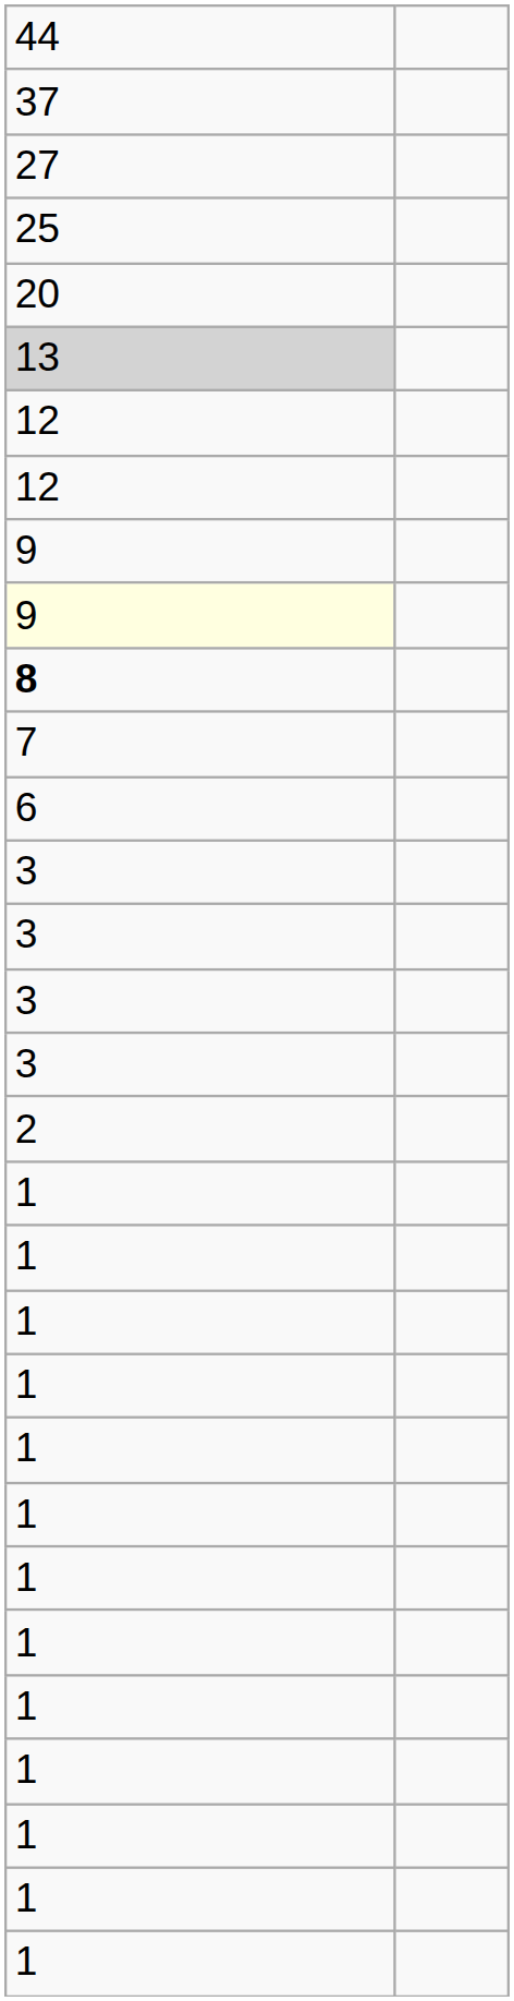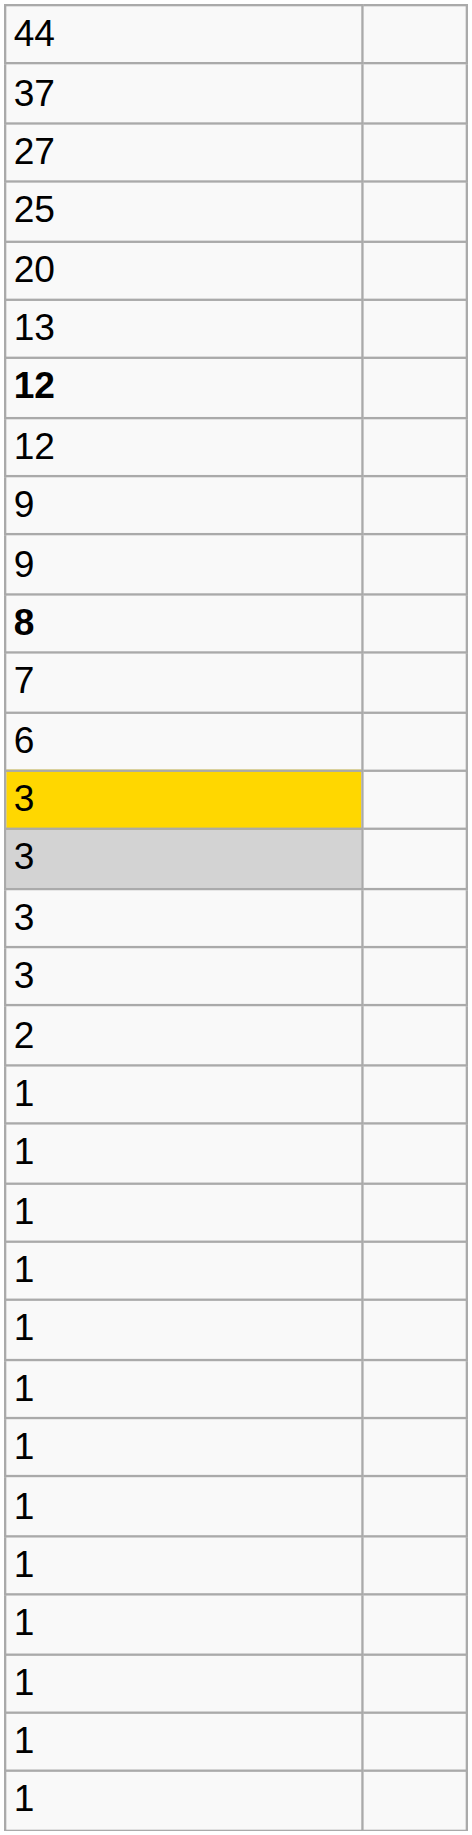 <table class="wikitable" width="200">
 <tr>
 <td>44</td>
 <td></td>
 </tr>
 <tr>
 <td>37</td>
 <td></td>
 </tr>
 <tr>
 <td>27</td>
 <td></td>
 </tr>
 <tr>
 <td>25</td>
 <td></td>
 </tr>
 <tr>
 <td>20</td>
 <td></td>
 </tr>
 <tr>
-<td style="background: lightgrey;">13</td>
+<td>13</td>
 <td></td>
 </tr>
 <tr>
-<td>12</td>
+<td><strong>12</strong></td>
 <td></td>
 </tr>
 <tr>
 <td>12</td>
 <td></td>
 </tr>
 <tr>
 <td>9</td>
 <td></td>
 </tr>
 <tr>
-<td style="background: lightyellow;">9</td>
+<td>9</td>
 <td></td>
 </tr>
 <tr>
 <td><strong>8</strong></td>
 <td></td>
 </tr>
 <tr>
 <td>7</td>
 <td></td>
 </tr>
 <tr>
 <td>6</td>
 <td></td>
 </tr>
 <tr>
-<td>3</td>
+<td style="background: gold;">3</td>
 <td></td>
 </tr>
 <tr>
-<td>3</td>
+<td style="background: lightgrey;">3</td>
 <td></td>
 </tr>
 <tr>
 <td>3</td>
 <td></td>
 </tr>
 <tr>
 <td>3</td>
 <td></td>
 </tr>
 <tr>
 <td>2</td>
 <td></td>
 </tr>
 <tr>
 <td>1</td>
 <td></td>
 </tr>
 <tr>
 <td>1</td>
 <td></td>
 </tr>
 <tr>
 <td>1</td>
 <td></td>
 </tr>
 <tr>
 <td>1</td>
 <td></td>
 </tr>
 <tr>
 <td>1</td>
 <td></td>
 </tr>
 <tr>
 <td>1</td>
 <td></td>
 </tr>
 <tr>
 <td>1</td>
 <td></td>
 </tr>
 <tr>
 <td>1</td>
 <td></td>
 </tr>
 <tr>
 <td>1</td>
 <td></td>
 </tr>
 <tr>
 <td>1</td>
 <td></td>
 </tr>
 <tr>
 <td>1</td>
 <td></td>
 </tr>
 <tr>
 <td>1</td>
 <td></td>
 </tr>
 <tr>
 <td>1</td>
 <td></td>
 </tr>
 <tr>
 </tr>
 </table>
